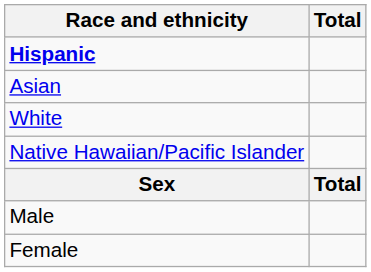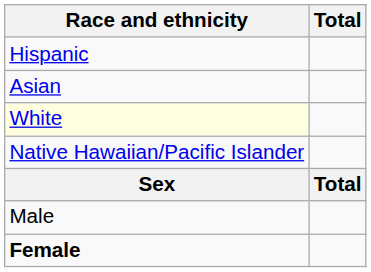 <table class="wikitable floatright sortable collapsible"; text-align:right; font-size:80%;">
 <tr>
 <th>Race and ethnicity</th>
 <th colspan="2" data-sort-type=number>Total</th>
 </tr>
 <tr>
-<td><strong><a href='#'>Hispanic</a></strong></td>
+<td><a href='#'>Hispanic</a></td>
 <td align=right></td>
 </tr>
 <tr>
 <td><a href='#'>Asian</a></td>
 <td align=right></td>
 </tr>
 <tr>
-<td><a href='#'>White</a></td>
+<td style="background: lightyellow;"><a href='#'>White</a></td>
 <td align=right></td>
 </tr>
 <tr>
 <td><a href='#'>Native Hawaiian/Pacific Islander</a></td>
 <td align=right></td>
 </tr>
 <tr>
 <th>Sex</th>
 <th colspan="2" data-sort-type=number>Total</th>
 </tr>
 <tr>
 <td>Male</td>
 <td align=right></td>
 </tr>
 <tr>
-<td>Female</td>
+<td><strong>Female</strong></td>
 <td align=right></td>
 </tr>
 </table>
